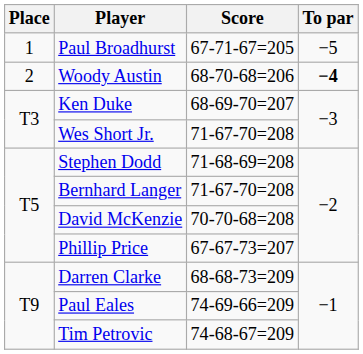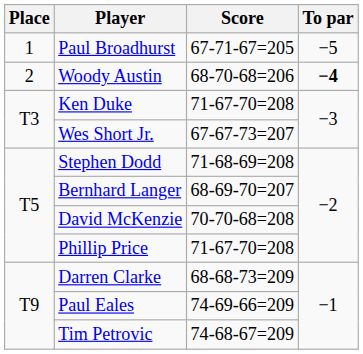 <table class="wikitable">
 <tr>
 <th>Place</th>
 <th>Player</th>
 <th>Score</th>
 <th>To par</th>
 </tr>
 <tr>
 <td align=center>1</td>
 <td> <a href='#'>Paul Broadhurst</a></td>
 <td>67-71-67=205</td>
 <td align=center>−5</td>
 </tr>
 <tr>
 <td align=center>2</td>
 <td> <a href='#'>Woody Austin</a></td>
 <td>68-70-68=206</td>
 <td align=center><strong>−4</strong></td>
 </tr>
 <tr>
 <td rowspan="2" style="text-align:center;">T3</td>
 <td> <a href='#'>Ken Duke</a></td>
-<td>68-69-70=207</td>
+<td>71-67-70=208</td>
 <td rowspan="2" style="text-align:center;">−3</td>
 </tr>
 <tr>
 <td> <a href='#'>Wes Short Jr.</a></td>
-<td>71-67-70=208</td>
+<td>67-67-73=207</td>
 </tr>
 <tr>
 <td rowspan="4" style="text-align:center;">T5</td>
 <td> <a href='#'>Stephen Dodd</a></td>
 <td>71-68-69=208</td>
 <td rowspan="4" style="text-align:center;">−2</td>
 </tr>
 <tr>
 <td> <a href='#'>Bernhard Langer</a></td>
-<td>71-67-70=208</td>
+<td>68-69-70=207</td>
 </tr>
 <tr>
 <td> <a href='#'>David McKenzie</a></td>
 <td>70-70-68=208</td>
 </tr>
 <tr>
 <td> <a href='#'>Phillip Price</a></td>
-<td>67-67-73=207</td>
+<td>71-67-70=208</td>
 </tr>
 <tr>
 <td rowspan="3" style="text-align:center;">T9</td>
 <td> <a href='#'>Darren Clarke</a></td>
 <td>68-68-73=209</td>
 <td rowspan="3" style="text-align:center;">−1</td>
 </tr>
 <tr>
 <td> <a href='#'>Paul Eales</a></td>
 <td>74-69-66=209</td>
 </tr>
 <tr>
 <td> <a href='#'>Tim Petrovic</a></td>
 <td>74-68-67=209</td>
 </tr>
 </table>
